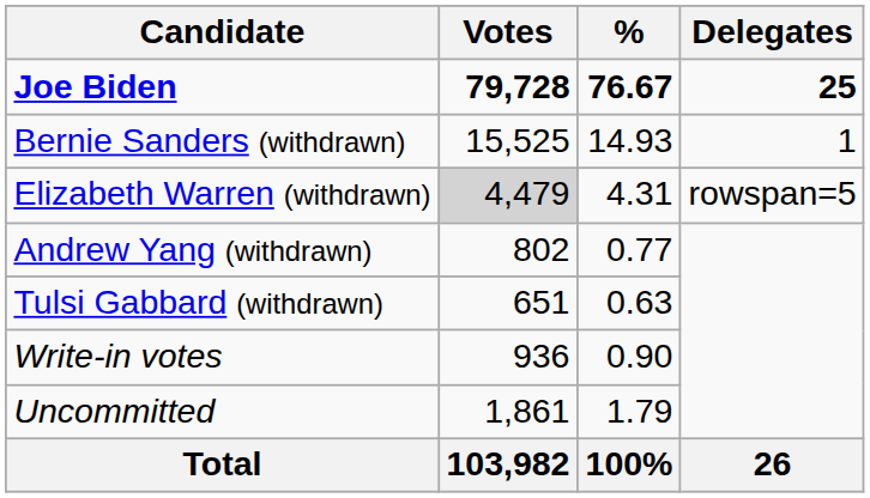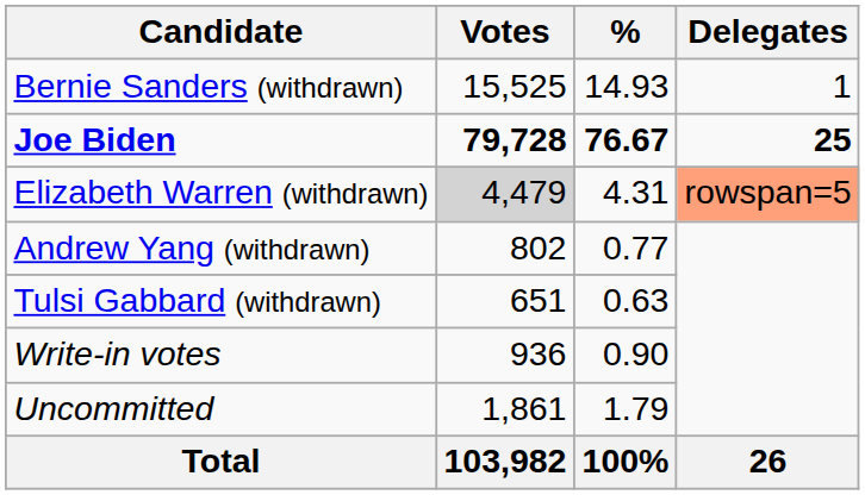 <table class="wikitable sortable" style="text-align:right;">
 <tr>
 <th>Candidate</th>
 <th>Votes</th>
 <th>%</th>
 <th>Delegates</th>
 </tr>
 <tr>
+<td style="text-align:left;" data-sort-value="Sanders, Bernie"><a href='#'>Bernie Sanders</a> <small>(withdrawn)</small></td>
+<td>15,525</td>
+<td>14.93</td>
+<td>1</td>
+</tr>
+<tr>
 <td style="text-align:left;" data-sort-value="Biden, Joe"><strong><a href='#'>Joe Biden</a></strong></td>
 <td><strong>79,728</strong></td>
 <td><strong>76.67</strong></td>
 <td><strong>25</strong></td>
 </tr>
 <tr>
-<td style="text-align:left;" data-sort-value="Sanders, Bernie"><a href='#'>Bernie Sanders</a> <small>(withdrawn)</small></td>
-<td>15,525</td>
-<td>14.93</td>
-<td>1</td>
-</tr>
-<tr>
 <td style="text-align:left;" data-sort-value="Warren, Elizabeth"><a href='#'>Elizabeth Warren</a> <small>(withdrawn)</small></td>
 <td style="background: lightgrey;">4,479</td>
 <td>4.31</td>
-<td>rowspan=5 </td>
+<td style="background: lightsalmon;">rowspan=5 </td>
 </tr>
 <tr>
 <td style="text-align:left;" data-sort-value="Yang, Andrew"><a href='#'>Andrew Yang</a> <small>(withdrawn)</small></td>
 <td>802</td>
 <td>0.77</td>
 </tr>
 <tr>
 <td style="text-align:left;" data-sort-value="Gabbard, Tulsi"><a href='#'>Tulsi Gabbard</a> <small>(withdrawn)</small></td>
 <td>651</td>
 <td>0.63</td>
 </tr>
 <tr>
 <td style="text-align:left;" data-sort-value="ZZA"><em>Write-in votes</em></td>
 <td>936</td>
 <td>0.90</td>
 </tr>
 <tr>
 <td style="text-align:left;" data-sort-value="ZZB"><em>Uncommitted</em></td>
 <td>1,861</td>
 <td>1.79</td>
 </tr>
 <tr>
 <th>Total</th>
 <th>103,982</th>
 <th>100%</th>
 <th>26</th>
 </tr>
 </table>
